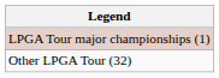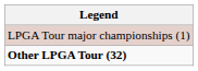 <table class="wikitable" style="font-size:95%;">
 <tr>
 <th>Legend</th>
 </tr>
 <tr style="background:#e5d1cb;">
 <td>LPGA Tour major championships (1)</td>
 </tr>
 <tr>
-<td>Other LPGA Tour (32)</td>
+<td><strong>Other LPGA Tour (32)</strong></td>
 </tr>
 </table>
